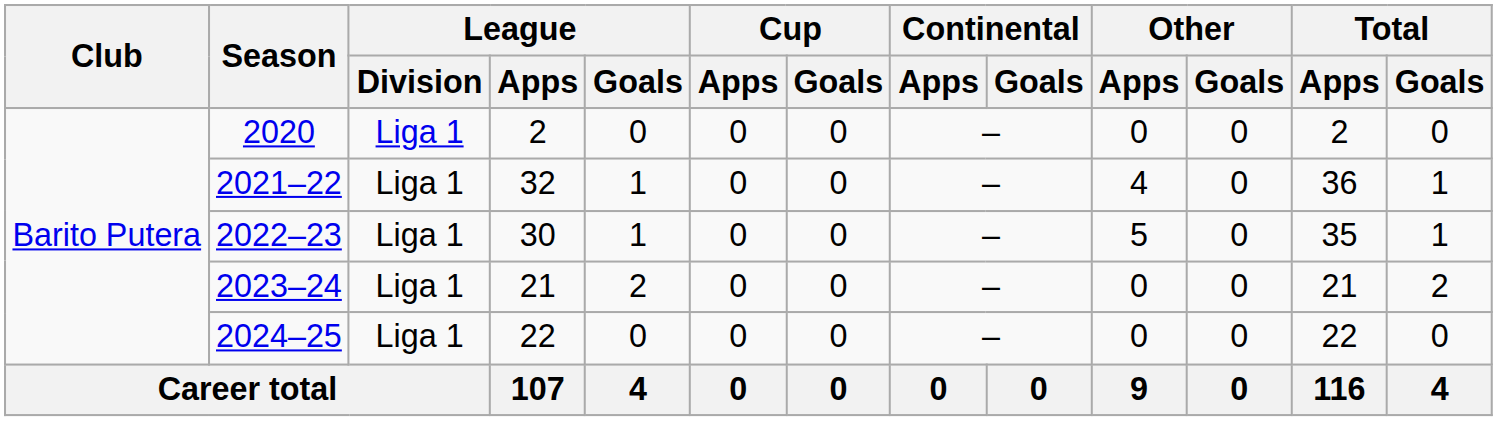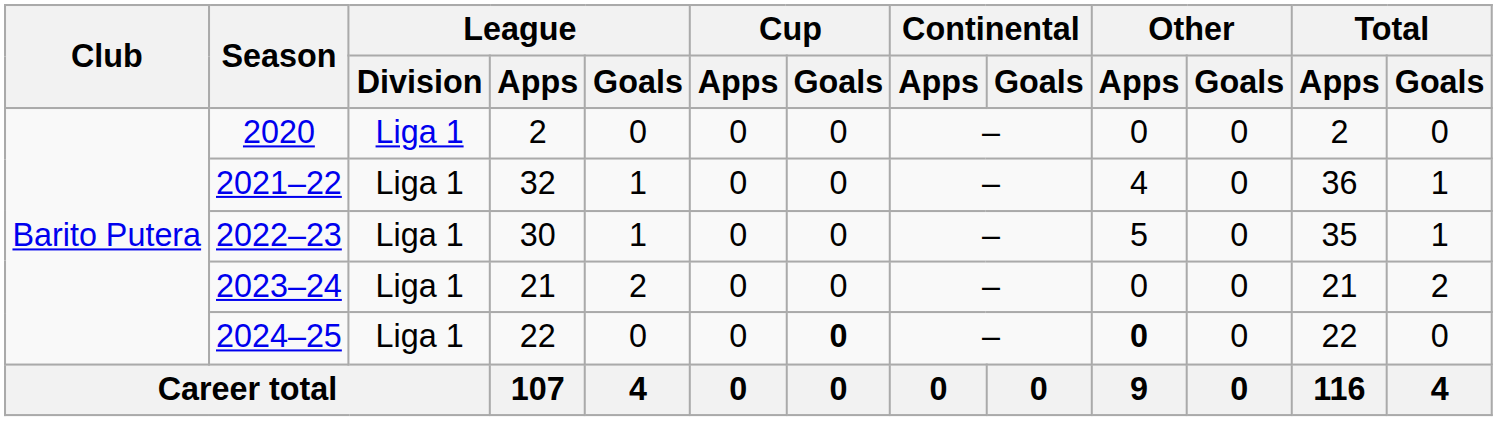 <table class="wikitable" style="text-align: center">
 <tr>
 <th rowspan="2">Club</th>
 <th rowspan="2">Season</th>
 <th colspan="3">League</th>
 <th colspan="2">Cup</th>
 <th colspan="2">Continental</th>
 <th colspan="2">Other</th>
 <th colspan="2">Total</th>
 </tr>
 <tr>
 <th>Division</th>
 <th>Apps</th>
 <th>Goals</th>
 <th>Apps</th>
 <th>Goals</th>
 <th>Apps</th>
 <th>Goals</th>
 <th>Apps</th>
 <th>Goals</th>
 <th>Apps</th>
 <th>Goals</th>
 </tr>
 <tr>
 <td rowspan="5"><a href='#'>Barito Putera</a></td>
 <td><a href='#'>2020</a></td>
 <td rowspan="1" valign="center"><a href='#'>Liga 1</a></td>
 <td>2</td>
 <td>0</td>
 <td>0</td>
 <td>0</td>
 <td colspan="2">–</td>
 <td>0</td>
 <td>0</td>
 <td>2</td>
 <td>0</td>
 </tr>
 <tr>
 <td><a href='#'>2021–22</a></td>
 <td rowspan="1" valign="center">Liga 1</td>
 <td>32</td>
 <td>1</td>
 <td>0</td>
 <td>0</td>
 <td colspan="2">–</td>
 <td>4</td>
 <td>0</td>
 <td>36</td>
 <td>1</td>
 </tr>
 <tr>
 <td><a href='#'>2022–23</a></td>
 <td rowspan="1" valign="center">Liga 1</td>
 <td>30</td>
 <td>1</td>
 <td>0</td>
 <td>0</td>
 <td colspan=2>–</td>
 <td>5</td>
 <td>0</td>
 <td>35</td>
 <td>1</td>
 </tr>
 <tr>
 <td><a href='#'>2023–24</a></td>
 <td>Liga 1</td>
 <td>21</td>
 <td>2</td>
 <td>0</td>
 <td>0</td>
 <td colspan="2">–</td>
 <td>0</td>
 <td>0</td>
 <td>21</td>
 <td>2</td>
 </tr>
 <tr>
 <td><a href='#'>2024–25</a></td>
 <td>Liga 1</td>
 <td>22</td>
 <td>0</td>
 <td>0</td>
-<td>0</td>
+<td><strong>0</strong></td>
 <td colspan="2">–</td>
-<td>0</td>
+<td><strong>0</strong></td>
 <td>0</td>
 <td>22</td>
 <td>0</td>
 </tr>
 <tr>
 <th colspan=3>Career total</th>
 <th>107</th>
 <th>4</th>
 <th>0</th>
 <th>0</th>
 <th>0</th>
 <th>0</th>
 <th>9</th>
 <th>0</th>
 <th>116</th>
 <th>4</th>
 </tr>
 </table>
